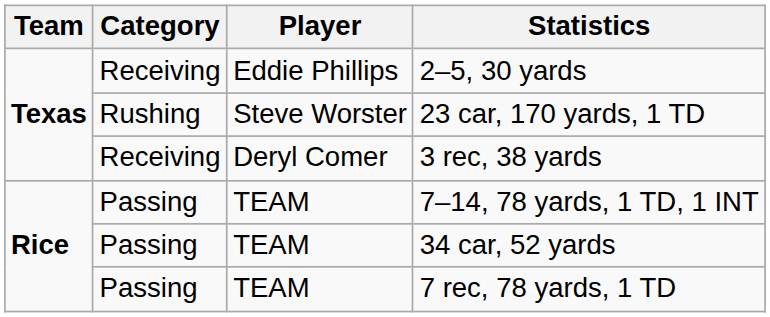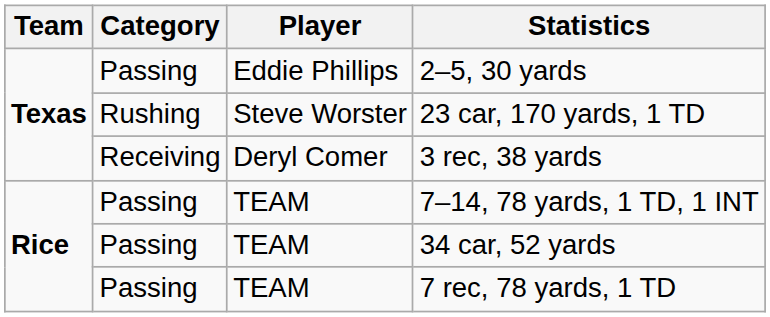 <table class="wikitable" style="float: right;">
 <tr>
 <th>Team</th>
 <th>Category</th>
 <th>Player</th>
 <th>Statistics</th>
 </tr>
 <tr>
 <td rowspan=3><strong>Texas</strong></td>
-<td>Receiving</td>
+<td>Passing</td>
 <td>Eddie Phillips</td>
 <td>2–5, 30 yards</td>
 </tr>
 <tr>
 <td>Rushing</td>
 <td>Steve Worster</td>
 <td>23 car, 170 yards, 1 TD</td>
 </tr>
 <tr>
 <td>Receiving</td>
 <td>Deryl Comer</td>
 <td>3 rec, 38 yards</td>
 </tr>
 <tr>
 <td rowspan=3><strong>Rice</strong></td>
 <td>Passing</td>
 <td>TEAM</td>
 <td>7–14, 78 yards, 1 TD, 1 INT</td>
 </tr>
 <tr>
 <td>Passing</td>
 <td>TEAM</td>
 <td>34 car, 52 yards</td>
 </tr>
 <tr>
 <td>Passing</td>
 <td>TEAM</td>
 <td>7 rec, 78 yards, 1 TD</td>
 </tr>
 </table>
